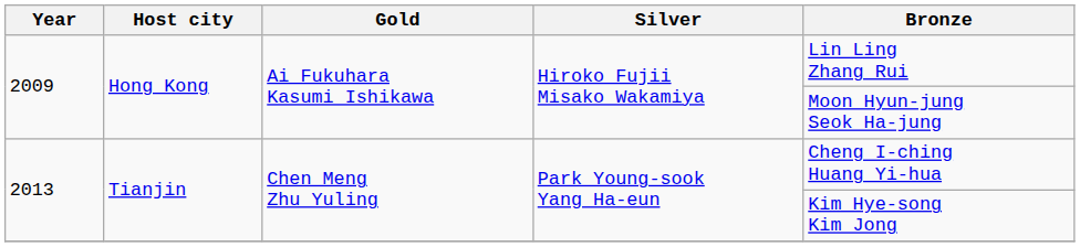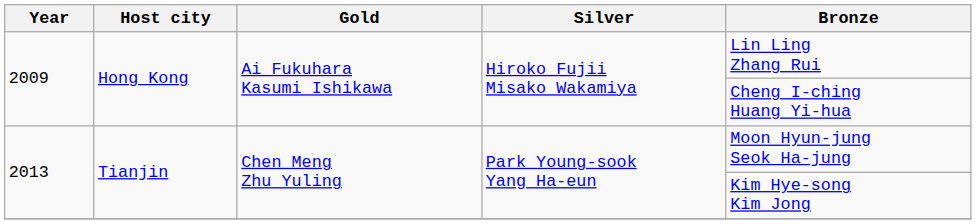 <table class="wikitable" style="text-align: left; width: 750px;">
 <tr>
 <th width="60">Year</th>
 <th width="100">Host city</th>
 <th width="175">Gold</th>
 <th width="175">Silver</th>
 <th width="175">Bronze</th>
 </tr>
 <tr>
 <td rowspan=2>2009</td>
 <td rowspan=2><a href='#'>Hong Kong</a></td>
 <td rowspan=2> <a href='#'>Ai Fukuhara</a><br> <a href='#'>Kasumi Ishikawa</a></td>
 <td rowspan=2> <a href='#'>Hiroko Fujii</a><br> <a href='#'>Misako Wakamiya</a></td>
 <td> <a href='#'>Lin Ling</a><br> <a href='#'>Zhang Rui</a></td>
 </tr>
 <tr>
-<td> <a href='#'>Moon Hyun-jung</a><br> <a href='#'>Seok Ha-jung</a></td>
+<td> <a href='#'>Cheng I-ching</a><br> <a href='#'>Huang Yi-hua</a></td>
 </tr>
 <tr>
 <td rowspan=2>2013</td>
 <td rowspan=2><a href='#'>Tianjin</a></td>
 <td rowspan=2> <a href='#'>Chen Meng</a><br> <a href='#'>Zhu Yuling</a></td>
 <td rowspan=2> <a href='#'>Park Young-sook</a><br> <a href='#'>Yang Ha-eun</a></td>
-<td> <a href='#'>Cheng I-ching</a><br> <a href='#'>Huang Yi-hua</a></td>
+<td> <a href='#'>Moon Hyun-jung</a><br> <a href='#'>Seok Ha-jung</a></td>
 </tr>
 <tr>
 <td> <a href='#'>Kim Hye-song</a><br> <a href='#'>Kim Jong</a></td>
 </tr>
 <tr>
 </tr>
 </table>
